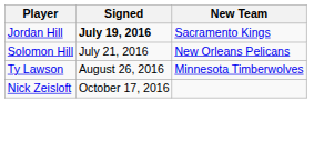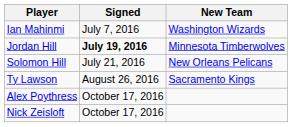 <table class="wikitable sortable sortable">
 <tr>
 <th>Player</th>
 <th>Signed</th>
 <th>New Team</th>
 </tr>
 <tr>
+<td><a href='#'>Ian Mahinmi</a></td>
+<td>July 7, 2016</td>
+<td><a href='#'>Washington Wizards</a></td>
+</tr>
+<tr>
 <td><a href='#'>Jordan Hill</a></td>
 <td><strong>July 19, 2016</strong></td>
-<td><a href='#'>Sacramento Kings</a></td>
+<td><a href='#'>Minnesota Timberwolves</a></td>
 </tr>
 <tr>
 <td><a href='#'>Solomon Hill</a></td>
 <td>July 21, 2016</td>
 <td><a href='#'>New Orleans Pelicans</a></td>
 </tr>
 <tr>
 <td><a href='#'>Ty Lawson</a></td>
 <td>August 26, 2016</td>
-<td><a href='#'>Minnesota Timberwolves</a></td>
+<td><a href='#'>Sacramento Kings</a></td>
+</tr>
+<tr>
+<td><a href='#'>Alex Poythress</a></td>
+<td>October 17, 2016</td>
+<td></td>
 </tr>
 <tr>
 <td><a href='#'>Nick Zeisloft</a></td>
 <td>October 17, 2016</td>
 <td></td>
 </tr>
 </table>
